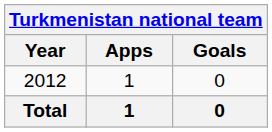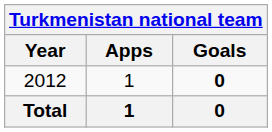 <table class="wikitable" style="text-align:center">
 <tr>
 <th colspan=3><a href='#'>Turkmenistan national team</a></th>
 </tr>
 <tr>
 <th>Year</th>
 <th>Apps</th>
 <th>Goals</th>
 </tr>
 <tr>
 <td>2012</td>
 <td>1</td>
-<td>0</td>
+<td><strong>0</strong></td>
 </tr>
 <tr>
 <th>Total</th>
 <th>1</th>
 <th>0</th>
 </tr>
 </table>
